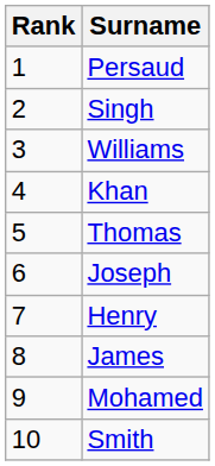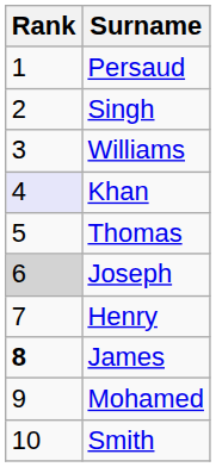 <table class="wikitable">
 <tr>
 <th>Rank</th>
 <th>Surname</th>
 </tr>
 <tr>
 <td>1</td>
 <td><a href='#'>Persaud</a></td>
 </tr>
 <tr>
 <td>2</td>
 <td><a href='#'>Singh</a></td>
 </tr>
 <tr>
 <td>3</td>
 <td><a href='#'>Williams</a></td>
 </tr>
 <tr>
-<td>4</td>
+<td style="background: lavender;">4</td>
 <td><a href='#'>Khan</a></td>
 </tr>
 <tr>
 <td>5</td>
 <td><a href='#'>Thomas</a></td>
 </tr>
 <tr>
-<td>6</td>
+<td style="background: lightgrey;">6</td>
 <td><a href='#'>Joseph</a></td>
 </tr>
 <tr>
 <td>7</td>
 <td><a href='#'>Henry</a></td>
 </tr>
 <tr>
-<td>8</td>
+<td><strong>8</strong></td>
 <td><a href='#'>James</a></td>
 </tr>
 <tr>
 <td>9</td>
 <td><a href='#'>Mohamed</a></td>
 </tr>
 <tr>
 <td>10</td>
 <td><a href='#'>Smith</a></td>
 </tr>
 </table>
